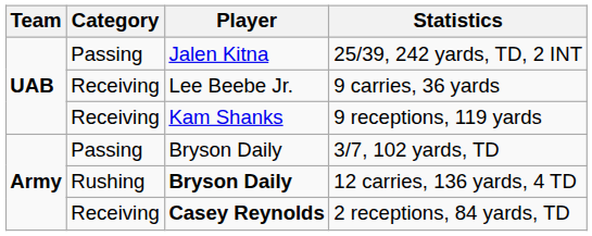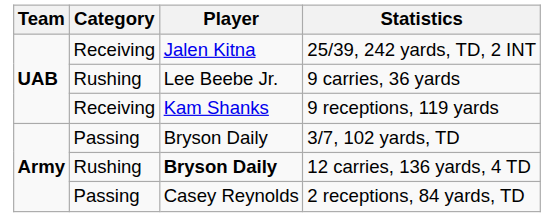 <table class="wikitable" style="float: right;">
 <tr>
 <th>Team</th>
 <th>Category</th>
 <th>Player</th>
 <th>Statistics</th>
 </tr>
 <tr>
 <td rowspan=3><strong>UAB</strong></td>
-<td>Passing</td>
+<td>Receiving</td>
 <td><a href='#'>Jalen Kitna</a></td>
 <td>25/39, 242 yards, TD, 2 INT</td>
 </tr>
 <tr>
-<td>Receiving</td>
+<td>Rushing</td>
 <td>Lee Beebe Jr.</td>
 <td>9 carries, 36 yards</td>
 </tr>
 <tr>
 <td>Receiving</td>
 <td><a href='#'>Kam Shanks</a></td>
 <td>9 receptions, 119 yards</td>
 </tr>
 <tr>
 <td rowspan=3><strong>Army</strong></td>
 <td>Passing</td>
 <td>Bryson Daily</td>
 <td>3/7, 102 yards, TD</td>
 </tr>
 <tr>
 <td>Rushing</td>
 <td><strong>Bryson Daily</strong></td>
 <td>12 carries, 136 yards, 4 TD</td>
 </tr>
 <tr>
-<td>Receiving</td>
-<td><strong>Casey Reynolds</strong></td>
+<td>Passing</td>
+<td>Casey Reynolds</td>
 <td>2 receptions, 84 yards, TD</td>
 </tr>
 </table>
